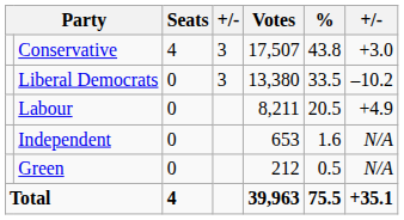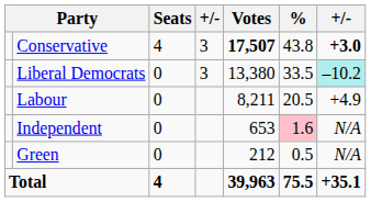 <table class="wikitable sortable">
 <tr>
 <th colspan="2">Party</th>
 <th>Seats</th>
 <th>+/-</th>
 <th>Votes</th>
 <th>%</th>
 <th>+/-</th>
 </tr>
 <tr>
 <td style="background-color: "></td>
 <td><a href='#'>Conservative</a></td>
 <td>4</td>
 <td> 3</td>
-<td style="text-align:right;">17,507</td>
+<td style="text-align:right;"><strong>17,507</strong></td>
 <td style="text-align:right;">43.8</td>
-<td style="text-align:right;">+3.0</td>
+<td style="text-align:right;"><strong>+3.0</strong></td>
 </tr>
 <tr>
 <td style="background-color: "></td>
 <td><a href='#'>Liberal Democrats</a></td>
 <td>0</td>
 <td> 3</td>
 <td style="text-align:right;">13,380</td>
 <td style="text-align:right;">33.5</td>
-<td style="text-align:right;">–10.2</td>
+<td style="background: paleturquoise; text-align:right;">–10.2</td>
 </tr>
 <tr>
 <td style="background-color: "></td>
 <td><a href='#'>Labour</a></td>
 <td>0</td>
 <td></td>
 <td style="text-align:right;">8,211</td>
 <td style="text-align:right;">20.5</td>
 <td style="text-align:right;">+4.9</td>
 </tr>
 <tr>
 <td style="background-color: "></td>
 <td><a href='#'>Independent</a></td>
 <td>0</td>
 <td></td>
 <td style="text-align:right;">653</td>
-<td style="text-align:right;">1.6</td>
+<td style="background: pink; text-align:right;">1.6</td>
 <td style="text-align:right;"><em>N/A</em></td>
 </tr>
 <tr>
 <td style="background-color: "></td>
 <td><a href='#'>Green</a></td>
 <td>0</td>
 <td></td>
 <td style="text-align:right;">212</td>
 <td style="text-align:right;">0.5</td>
 <td style="text-align:right;"><em>N/A</em></td>
 </tr>
 <tr>
 <td colspan="2"><strong>Total</strong></td>
 <td><strong>4</strong></td>
 <td></td>
 <td style="text-align:right;"><strong>39,963</strong></td>
 <td style="text-align:right;"><strong>75.5</strong></td>
 <td style="text-align:right;"><strong>+35.1</strong></td>
 </tr>
 </table>
